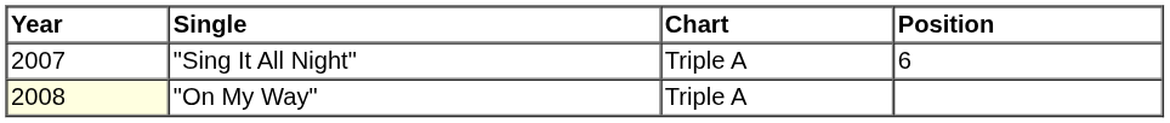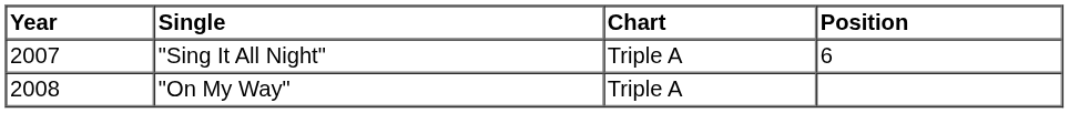 <table border=1 cellspacing=0 cellpadding=2 width="60%">
 <tr>
 <th align="left">Year</th>
 <th align="left">Single</th>
 <th align="left">Chart</th>
 <th align="left">Position</th>
 </tr>
 <tr>
 <td>2007</td>
 <td>"Sing It All Night"</td>
 <td>Triple A</td>
 <td>6</td>
 </tr>
 <tr>
-<td style="background: lightyellow;">2008</td>
+<td>2008</td>
 <td>"On My Way"</td>
 <td>Triple A</td>
 <td></td>
 </tr>
 <tr>
 </tr>
 </table>
